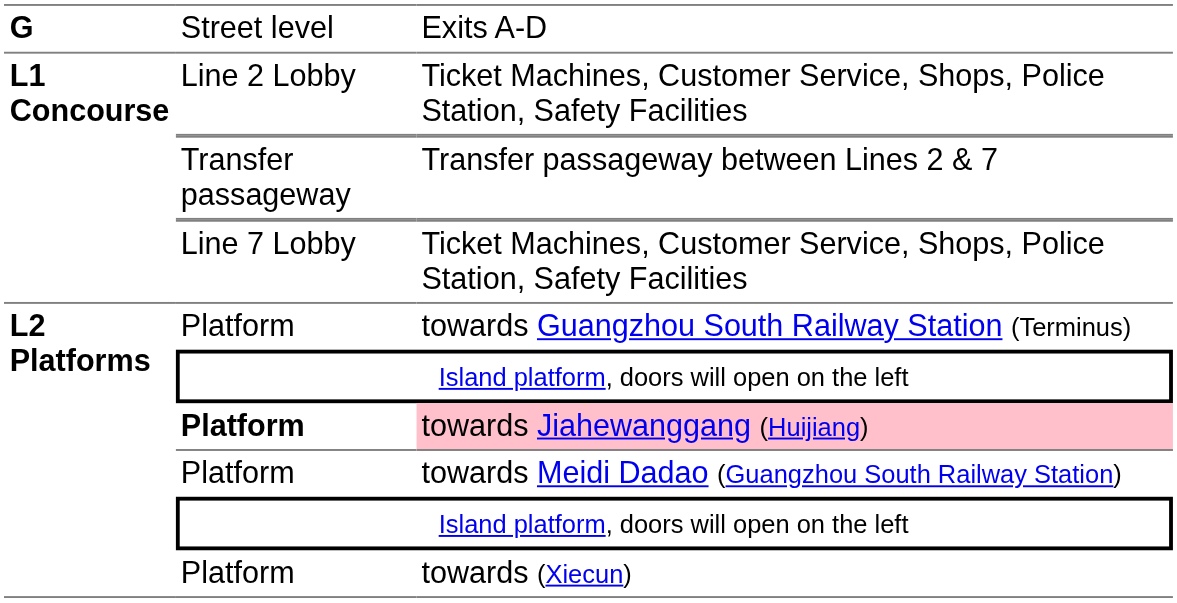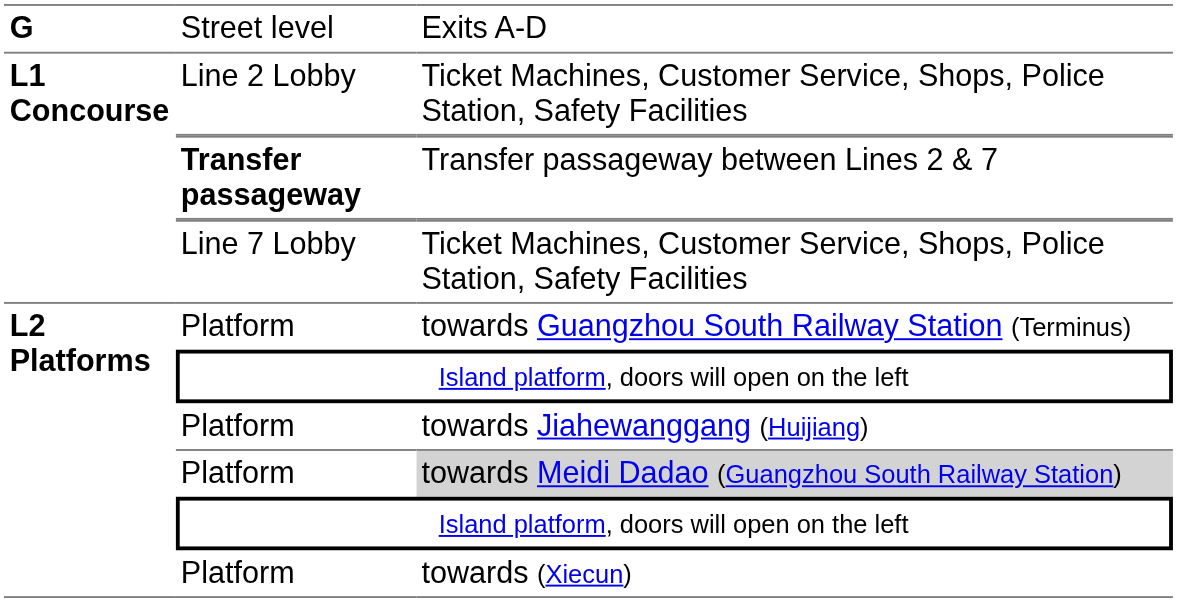 <table table border=0 cellspacing=0 cellpadding=3>
 <tr>
 <td style="border-top:solid 1px gray;" width=50 valign=top><strong>G</strong></td>
 <td style="border-top:solid 1px gray;" width=120 valign=top>Street level</td>
 <td style="border-top:solid 1px gray;" width=390 valign=top>Exits A-D</td>
 </tr>
 <tr>
 <td style="border-bottom:solid 1px gray; border-top:solid 1px gray;" valign=top width=50 rowspan=3><strong>L1<br>Concourse</strong></td>
 <td style="border-bottom:solid 1px gray; border-top:solid 1px gray;" valign=top width=100>Line 2 Lobby</td>
 <td style="border-bottom:solid 1px gray; border-top:solid 1px gray;" valign=top width=390>Ticket Machines, Customer Service, Shops, Police Station, Safety Facilities</td>
 </tr>
 <tr>
-<td style="border-bottom:solid 1px gray; border-top:solid 1px gray;" valign=top width=100>Transfer passageway</td>
+<td style="border-bottom:solid 1px gray; border-top:solid 1px gray;" valign=top width=100><strong>Transfer passageway</strong></td>
 <td style="border-bottom:solid 1px gray; border-top:solid 1px gray;" valign=top width=390>Transfer passageway between Lines 2 & 7</td>
 </tr>
 <tr>
 <td style="border-bottom:solid 1px gray; border-top:solid 1px gray;" valign=top width=100>Line 7 Lobby</td>
 <td style="border-bottom:solid 1px gray; border-top:solid 1px gray;" valign=top width=390>Ticket Machines, Customer Service, Shops, Police Station, Safety Facilities</td>
 </tr>
 <tr>
 <td style="border-bottom:solid 1px gray;" rowspan=6 valign=top><strong>L2<br>Platforms</strong></td>
 <td>Platform </td>
 <td>  towards <a href='#'>Guangzhou South Railway Station</a> <small>(Terminus)</small></td>
 </tr>
 <tr>
 <td style="border-right:solid 2px black;border-left:solid 2px black;border-top:solid 2px black;border-bottom:solid 2px black;text-align:center;" colspan=2><small><a href='#'>Island platform</a>, doors will open on the left</small></td>
 </tr>
 <tr>
-<td style="border-bottom:solid 1px gray;"><strong>Platform </strong></td>
-<td style="background: pink; border-bottom:solid 1px gray;"> towards <a href='#'>Jiahewanggang</a> <small>(<a href='#'>Huijiang</a>)</small> </td>
+<td style="border-bottom:solid 1px gray;">Platform </td>
+<td style="border-bottom:solid 1px gray;"> towards <a href='#'>Jiahewanggang</a> <small>(<a href='#'>Huijiang</a>)</small> </td>
 </tr>
 <tr>
 <td>Platform </td>
-<td>  towards <a href='#'>Meidi Dadao</a> <small>(<a href='#'>Guangzhou South Railway Station</a>)</small></td>
+<td style="background: lightgrey;">  towards <a href='#'>Meidi Dadao</a> <small>(<a href='#'>Guangzhou South Railway Station</a>)</small></td>
 </tr>
 <tr>
 <td style="border-right:solid 2px black;border-left:solid 2px black;border-top:solid 2px black;border-bottom:solid 2px black;text-align:center;" colspan=2><small><a href='#'>Island platform</a>, doors will open on the left</small></td>
 </tr>
 <tr>
 <td style="border-bottom:solid 1px gray;">Platform </td>
 <td style="border-bottom:solid 1px gray;"> towards  <small>(<a href='#'>Xiecun</a>)</small> </td>
 </tr>
 </table>
